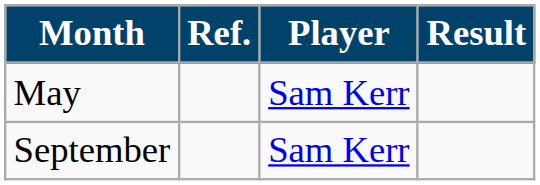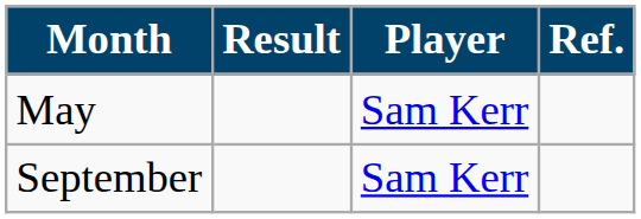 <table class=wikitable>
 <tr>
 <th style="background:#01426A; color:white;">Month</th>
+<th style="background:#01426A; color:white;">Result</th>
+<th style="background:#01426A; color:white;">Player</th>
 <th style="background:#01426A; color:white;">Ref.</th>
-<th style="background:#01426A; color:white;">Player</th>
-<th style="background:#01426A; color:white;">Result</th>
 </tr>
 <tr>
 <td>May</td>
 <td></td>
 <td> <a href='#'>Sam Kerr</a></td>
 <td></td>
 </tr>
 <tr>
 <td>September</td>
 <td></td>
 <td> <a href='#'>Sam Kerr</a></td>
 <td></td>
 </tr>
 </table>
